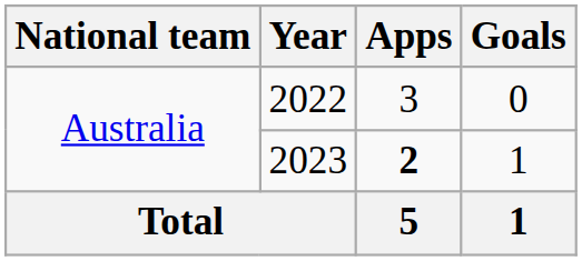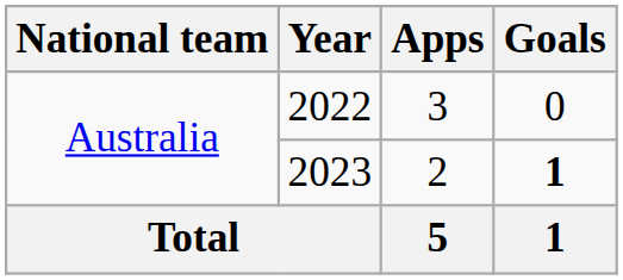 <table class="wikitable" style="text-align:center">
 <tr>
 <th>National team</th>
 <th>Year</th>
 <th>Apps</th>
 <th>Goals</th>
 </tr>
 <tr>
 <td rowspan="2"><a href='#'>Australia</a></td>
 <td>2022</td>
 <td>3</td>
 <td>0</td>
 </tr>
 <tr>
 <td>2023</td>
-<td><strong>2</strong></td>
-<td>1</td>
+<td>2</td>
+<td><strong>1</strong></td>
 </tr>
 <tr>
 <th colspan="2">Total</th>
 <th>5</th>
 <th>1</th>
 </tr>
 </table>
